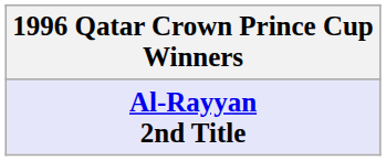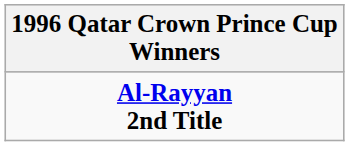 <table class="wikitable" style="text-align: center; margin: 0 auto;">
 <tr>
 <th>1996 Qatar Crown Prince Cup <br> Winners</th>
 </tr>
 <tr>
-<td style="background: lavender;"><strong><a href='#'>Al-Rayyan</a></strong><br><strong>2nd Title</strong></td>
+<td><strong><a href='#'>Al-Rayyan</a></strong><br><strong>2nd Title</strong></td>
 </tr>
 </table>
